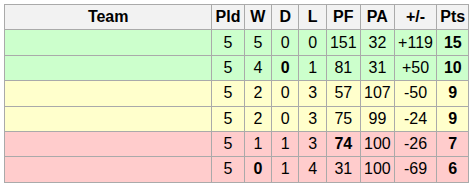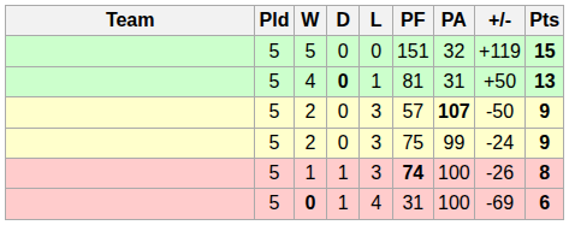 <table class="wikitable" border="1" style="text-align: center;">
 <tr>
 <th width="200">Team</th>
 <th width="20">Pld</th>
 <th width="20">W</th>
 <th width="20">D</th>
 <th width="20">L</th>
 <th width="20">PF</th>
 <th width="20">PA</th>
 <th width="25">+/-</th>
 <th width="20">Pts</th>
 </tr>
 <tr style="background:#cfc;">
 <td align=left></td>
 <td>5</td>
 <td>5</td>
 <td>0</td>
 <td>0</td>
 <td>151</td>
 <td>32</td>
 <td>+119</td>
 <td><strong>15</strong></td>
 </tr>
 <tr style="background:#cfc;">
 <td align=left></td>
 <td>5</td>
 <td>4</td>
 <td><strong>0</strong></td>
 <td>1</td>
 <td>81</td>
 <td>31</td>
 <td>+50</td>
-<td><strong>10</strong></td>
+<td><strong>13</strong></td>
 </tr>
 <tr style="background:#ffc;">
 <td align=left></td>
 <td>5</td>
 <td>2</td>
 <td>0</td>
 <td>3</td>
 <td>57</td>
-<td>107</td>
+<td><strong>107</strong></td>
 <td>-50</td>
 <td><strong>9</strong></td>
 </tr>
 <tr style="background:#ffc;">
 <td align=left></td>
 <td>5</td>
 <td>2</td>
 <td>0</td>
 <td>3</td>
 <td>75</td>
 <td>99</td>
 <td>-24</td>
 <td><strong>9</strong></td>
 </tr>
 <tr bgcolor="#ffcccc">
 <td align=left></td>
 <td>5</td>
 <td>1</td>
 <td>1</td>
 <td>3</td>
 <td><strong>74</strong></td>
 <td>100</td>
 <td>-26</td>
-<td><strong>7</strong></td>
+<td><strong>8</strong></td>
 </tr>
 <tr bgcolor="#ffcccc">
 <td align=left></td>
 <td>5</td>
 <td><strong>0</strong></td>
 <td>1</td>
 <td>4</td>
 <td>31</td>
 <td>100</td>
 <td>-69</td>
 <td><strong>6</strong></td>
 </tr>
 </table>
